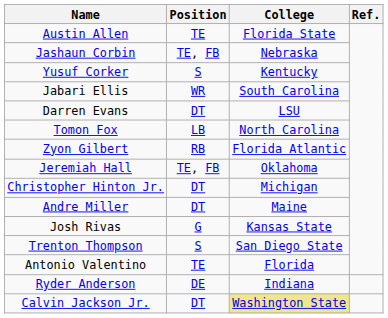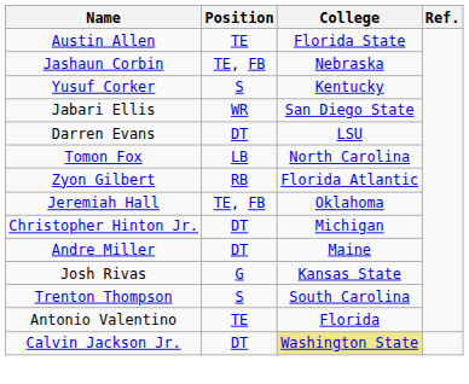 <table class="wikitable" style="text-align:center">
 <tr>
 <th>Name</th>
 <th>Position</th>
 <th>College</th>
 <th>Ref.</th>
 </tr>
 <tr>
 <td><a href='#'>Austin Allen</a></td>
 <td><a href='#'>TE</a></td>
 <td><a href='#'>Florida State</a></td>
 <td rowspan="13"></td>
 </tr>
 <tr>
 <td><a href='#'>Jashaun Corbin</a></td>
 <td><a href='#'>TE</a>, <a href='#'>FB</a></td>
 <td><a href='#'>Nebraska</a></td>
 </tr>
 <tr>
 <td><a href='#'>Yusuf Corker</a></td>
 <td><a href='#'>S</a></td>
 <td><a href='#'>Kentucky</a></td>
 </tr>
 <tr>
 <td>Jabari Ellis</td>
 <td><a href='#'>WR</a></td>
-<td><a href='#'>South Carolina</a></td>
+<td><a href='#'>San Diego State</a></td>
 </tr>
 <tr>
 <td>Darren Evans</td>
 <td><a href='#'>DT</a></td>
 <td><a href='#'>LSU</a></td>
 </tr>
 <tr>
 <td><a href='#'>Tomon Fox</a></td>
 <td><a href='#'>LB</a></td>
 <td><a href='#'>North Carolina</a></td>
 </tr>
 <tr>
 <td><a href='#'>Zyon Gilbert</a></td>
 <td><a href='#'>RB</a></td>
 <td><a href='#'>Florida Atlantic</a></td>
 </tr>
 <tr>
 <td><a href='#'>Jeremiah Hall</a></td>
 <td><a href='#'>TE</a>, <a href='#'>FB</a></td>
 <td><a href='#'>Oklahoma</a></td>
 </tr>
 <tr>
 <td><a href='#'>Christopher Hinton Jr.</a></td>
 <td><a href='#'>DT</a></td>
 <td><a href='#'>Michigan</a></td>
 </tr>
 <tr>
 <td><a href='#'>Andre Miller</a></td>
 <td><a href='#'>DT</a></td>
 <td><a href='#'>Maine</a></td>
 </tr>
 <tr>
 <td>Josh Rivas</td>
 <td><a href='#'>G</a></td>
 <td><a href='#'>Kansas State</a></td>
 </tr>
 <tr>
 <td><a href='#'>Trenton Thompson</a></td>
 <td><a href='#'>S</a></td>
-<td><a href='#'>San Diego State</a></td>
+<td><a href='#'>South Carolina</a></td>
 </tr>
 <tr>
 <td>Antonio Valentino</td>
 <td><a href='#'>TE</a></td>
 <td><a href='#'>Florida</a></td>
-</tr>
-<tr>
-<td><a href='#'>Ryder Anderson</a></td>
-<td><a href='#'>DE</a></td>
-<td><a href='#'>Indiana</a></td>
-<td></td>
 </tr>
 <tr>
 <td><a href='#'>Calvin Jackson Jr.</a></td>
 <td><a href='#'>DT</a></td>
 <td style="background: khaki;"><a href='#'>Washington State</a></td>
 <td></td>
 </tr>
 </table>
